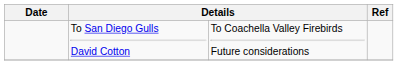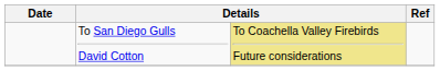 <table class="wikitable">
 <tr>
 <th style="width: 10em;">Date</th>
 <th colspan=2>Details</th>
 <th style="width: 2.5em;">Ref</th>
 </tr>
 <tr>
 <td></td>
 <td style="width: 25em;" valign="top">To <a href='#'>San Diego Gulls</a><hr><a href='#'>David Cotton</a></td>
-<td style="width: 25em;" valign="top">To Coachella Valley Firebirds<hr>Future considerations</td>
+<td style="background: khaki; width: 25em;" valign="top">To Coachella Valley Firebirds<hr>Future considerations</td>
 <td></td>
 </tr>
 <tr>
 </tr>
 </table>
